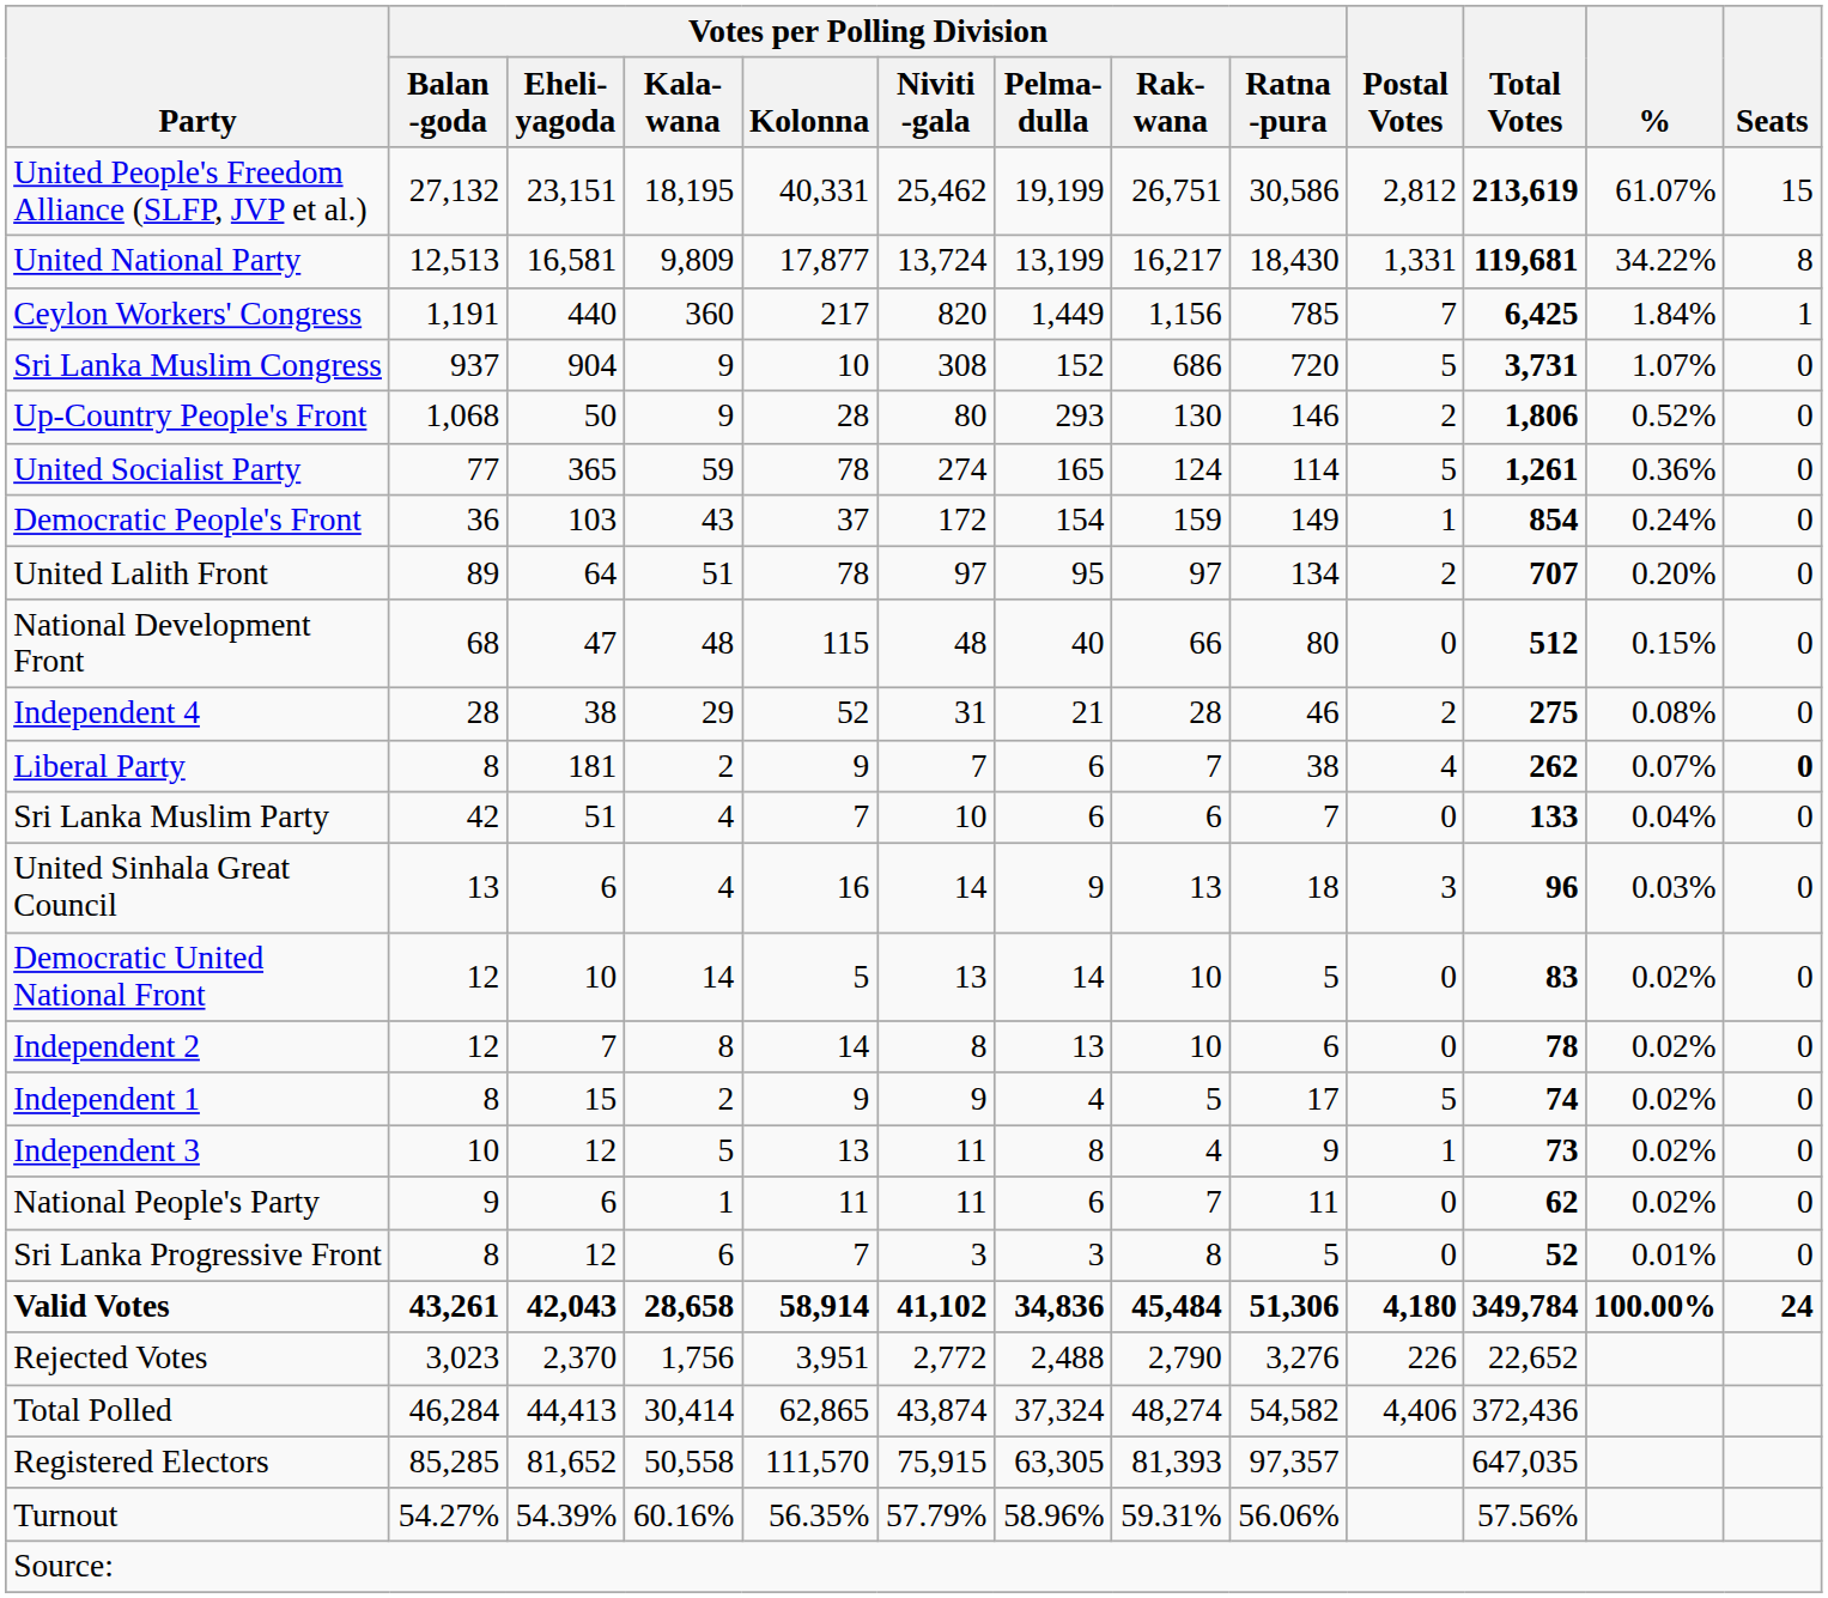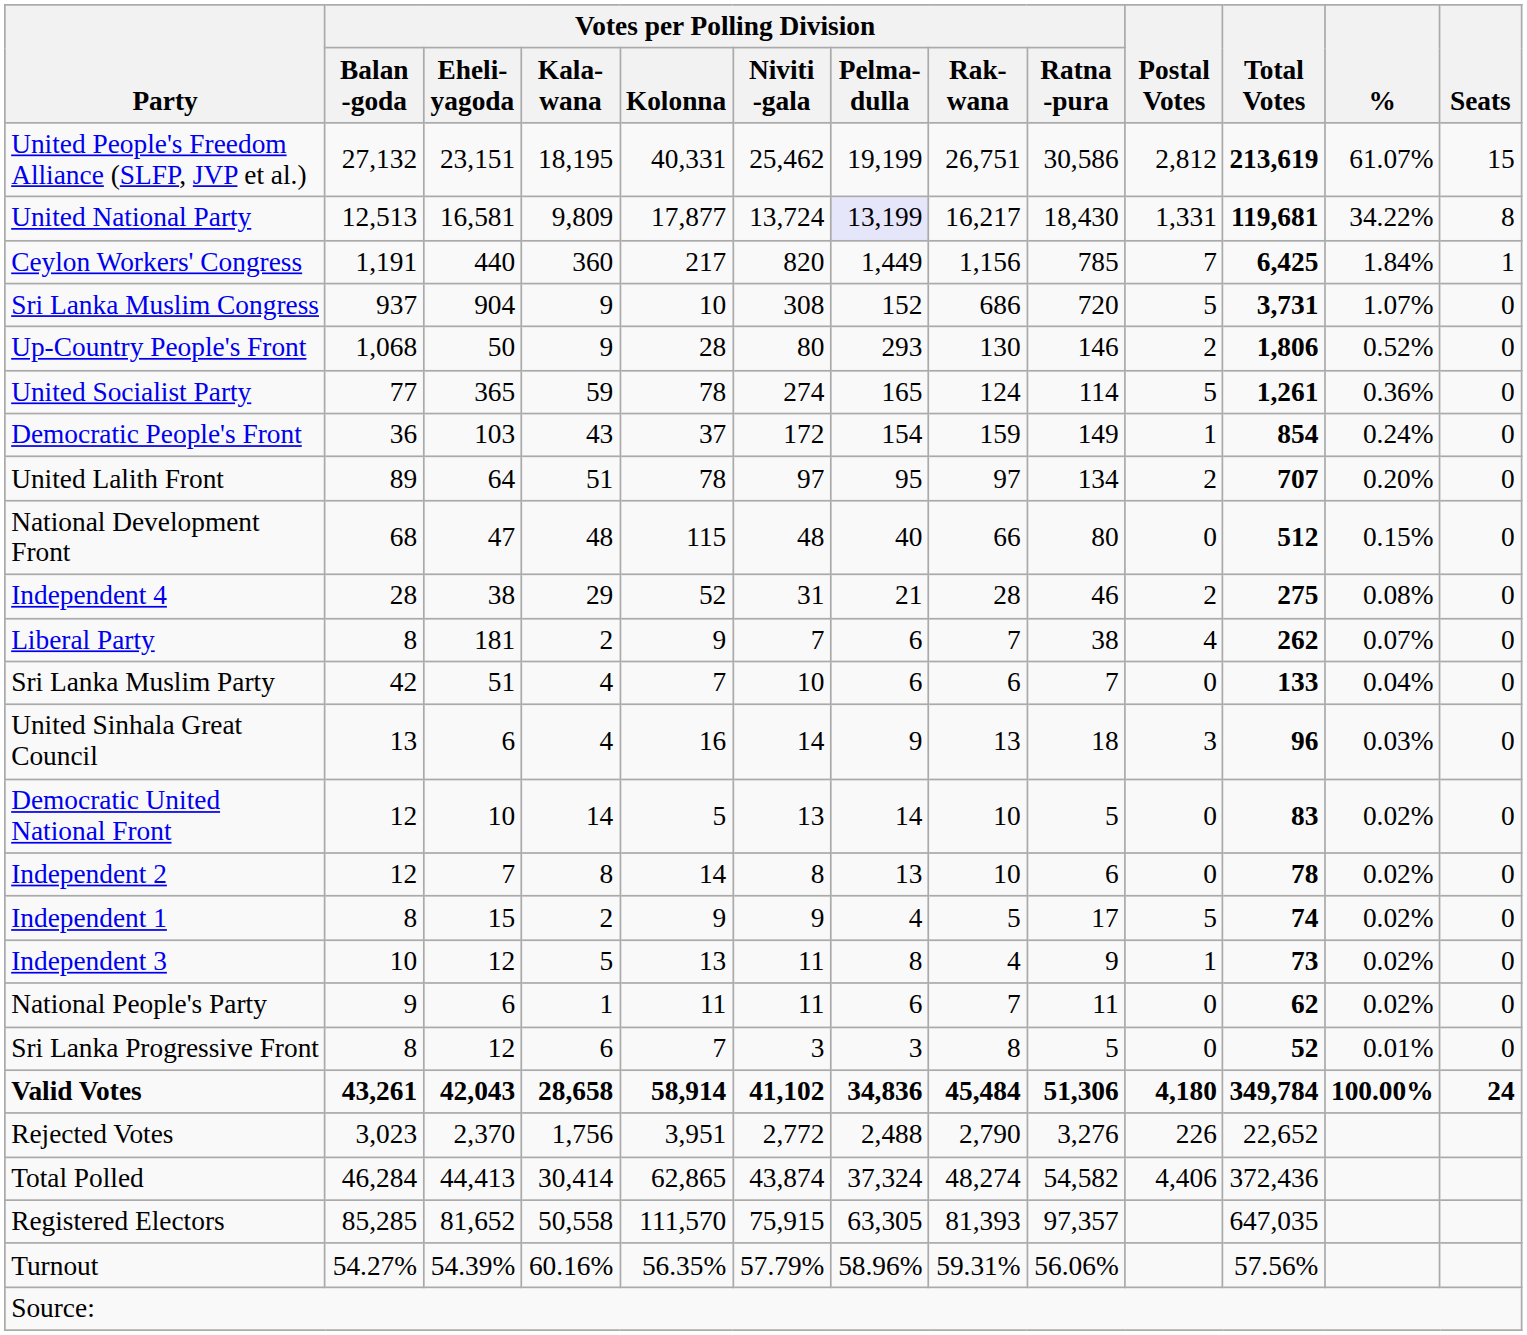 <table class="wikitable" border="1" style="text-align:right;">
 <tr>
 <th align=left valign=bottom rowspan=2 width="180">Party</th>
 <th colspan=8>Votes per Polling Division</th>
 <th align=center valign=bottom rowspan=2 width="50">Postal<br>Votes</th>
 <th align=center valign=bottom rowspan=2 width="50">Total Votes</th>
 <th align=center valign=bottom rowspan=2 width="50">%</th>
 <th align=center valign=bottom rowspan=2 width="40">Seats</th>
 </tr>
 <tr>
 <th align=center valign=bottom width="50">Balan<br>-goda</th>
 <th align=center valign=bottom width="50">Eheli-<br>yagoda</th>
 <th align=center valign=bottom width="50">Kala-<br>wana</th>
 <th align=center valign=bottom width="50">Kolonna</th>
 <th align=center valign=bottom width="50">Niviti<br>-gala</th>
 <th align=center valign=bottom width="50">Pelma-<br>dulla</th>
 <th align=center valign=bottom width="50">Rak-<br>wana</th>
 <th align=center valign=bottom width="50">Ratna<br>-pura</th>
 </tr>
 <tr>
 <td align=left><a href='#'>United People's Freedom Alliance</a> (<a href='#'>SLFP</a>, <a href='#'>JVP</a> et al.)</td>
 <td>27,132</td>
 <td>23,151</td>
 <td>18,195</td>
 <td>40,331</td>
 <td>25,462</td>
 <td>19,199</td>
 <td>26,751</td>
 <td>30,586</td>
 <td>2,812</td>
 <td><strong>213,619</strong></td>
 <td>61.07%</td>
 <td>15</td>
 </tr>
 <tr>
 <td align=left><a href='#'>United National Party</a></td>
 <td>12,513</td>
 <td>16,581</td>
 <td>9,809</td>
 <td>17,877</td>
 <td>13,724</td>
-<td>13,199</td>
+<td style="background: lavender;">13,199</td>
 <td>16,217</td>
 <td>18,430</td>
 <td>1,331</td>
 <td><strong>119,681</strong></td>
 <td>34.22%</td>
 <td>8</td>
 </tr>
 <tr>
 <td align=left><a href='#'>Ceylon Workers' Congress</a></td>
 <td>1,191</td>
 <td>440</td>
 <td>360</td>
 <td>217</td>
 <td>820</td>
 <td>1,449</td>
 <td>1,156</td>
 <td>785</td>
 <td>7</td>
 <td><strong>6,425</strong></td>
 <td>1.84%</td>
 <td>1</td>
 </tr>
 <tr>
 <td align=left><a href='#'>Sri Lanka Muslim Congress</a></td>
 <td>937</td>
 <td>904</td>
 <td>9</td>
 <td>10</td>
 <td>308</td>
 <td>152</td>
 <td>686</td>
 <td>720</td>
 <td>5</td>
 <td><strong>3,731</strong></td>
 <td>1.07%</td>
 <td>0</td>
 </tr>
 <tr>
 <td align=left><a href='#'>Up-Country People's Front</a></td>
 <td>1,068</td>
 <td>50</td>
 <td>9</td>
 <td>28</td>
 <td>80</td>
 <td>293</td>
 <td>130</td>
 <td>146</td>
 <td>2</td>
 <td><strong>1,806</strong></td>
 <td>0.52%</td>
 <td>0</td>
 </tr>
 <tr>
 <td align=left><a href='#'>United Socialist Party</a></td>
 <td>77</td>
 <td>365</td>
 <td>59</td>
 <td>78</td>
 <td>274</td>
 <td>165</td>
 <td>124</td>
 <td>114</td>
 <td>5</td>
 <td><strong>1,261</strong></td>
 <td>0.36%</td>
 <td>0</td>
 </tr>
 <tr>
 <td align=left><a href='#'>Democratic People's Front</a></td>
 <td>36</td>
 <td>103</td>
 <td>43</td>
 <td>37</td>
 <td>172</td>
 <td>154</td>
 <td>159</td>
 <td>149</td>
 <td>1</td>
 <td><strong>854</strong></td>
 <td>0.24%</td>
 <td>0</td>
 </tr>
 <tr>
 <td align=left>United Lalith Front</td>
 <td>89</td>
 <td>64</td>
 <td>51</td>
 <td>78</td>
 <td>97</td>
 <td>95</td>
 <td>97</td>
 <td>134</td>
 <td>2</td>
 <td><strong>707</strong></td>
 <td>0.20%</td>
 <td>0</td>
 </tr>
 <tr>
 <td align=left>National Development Front</td>
 <td>68</td>
 <td>47</td>
 <td>48</td>
 <td>115</td>
 <td>48</td>
 <td>40</td>
 <td>66</td>
 <td>80</td>
 <td>0</td>
 <td><strong>512</strong></td>
 <td>0.15%</td>
 <td>0</td>
 </tr>
 <tr>
 <td align=left><a href='#'>Independent 4</a></td>
 <td>28</td>
 <td>38</td>
 <td>29</td>
 <td>52</td>
 <td>31</td>
 <td>21</td>
 <td>28</td>
 <td>46</td>
 <td>2</td>
 <td><strong>275</strong></td>
 <td>0.08%</td>
 <td>0</td>
 </tr>
 <tr>
 <td align=left><a href='#'>Liberal Party</a></td>
 <td>8</td>
 <td>181</td>
 <td>2</td>
 <td>9</td>
 <td>7</td>
 <td>6</td>
 <td>7</td>
 <td>38</td>
 <td>4</td>
 <td><strong>262</strong></td>
 <td>0.07%</td>
-<td><strong>0</strong></td>
+<td>0</td>
 </tr>
 <tr>
 <td align=left>Sri Lanka Muslim Party</td>
 <td>42</td>
 <td>51</td>
 <td>4</td>
 <td>7</td>
 <td>10</td>
 <td>6</td>
 <td>6</td>
 <td>7</td>
 <td>0</td>
 <td><strong>133</strong></td>
 <td>0.04%</td>
 <td>0</td>
 </tr>
 <tr>
 <td align=left>United Sinhala Great Council</td>
 <td>13</td>
 <td>6</td>
 <td>4</td>
 <td>16</td>
 <td>14</td>
 <td>9</td>
 <td>13</td>
 <td>18</td>
 <td>3</td>
 <td><strong>96</strong></td>
 <td>0.03%</td>
 <td>0</td>
 </tr>
 <tr>
 <td align=left><a href='#'>Democratic United National Front</a></td>
 <td>12</td>
 <td>10</td>
 <td>14</td>
 <td>5</td>
 <td>13</td>
 <td>14</td>
 <td>10</td>
 <td>5</td>
 <td>0</td>
 <td><strong>83</strong></td>
 <td>0.02%</td>
 <td>0</td>
 </tr>
 <tr>
 <td align=left><a href='#'>Independent 2</a></td>
 <td>12</td>
 <td>7</td>
 <td>8</td>
 <td>14</td>
 <td>8</td>
 <td>13</td>
 <td>10</td>
 <td>6</td>
 <td>0</td>
 <td><strong>78</strong></td>
 <td>0.02%</td>
 <td>0</td>
 </tr>
 <tr>
 <td align=left><a href='#'>Independent 1</a></td>
 <td>8</td>
 <td>15</td>
 <td>2</td>
 <td>9</td>
 <td>9</td>
 <td>4</td>
 <td>5</td>
 <td>17</td>
 <td>5</td>
 <td><strong>74</strong></td>
 <td>0.02%</td>
 <td>0</td>
 </tr>
 <tr>
 <td align=left><a href='#'>Independent 3</a></td>
 <td>10</td>
 <td>12</td>
 <td>5</td>
 <td>13</td>
 <td>11</td>
 <td>8</td>
 <td>4</td>
 <td>9</td>
 <td>1</td>
 <td><strong>73</strong></td>
 <td>0.02%</td>
 <td>0</td>
 </tr>
 <tr>
 <td align=left>National People's Party</td>
 <td>9</td>
 <td>6</td>
 <td>1</td>
 <td>11</td>
 <td>11</td>
 <td>6</td>
 <td>7</td>
 <td>11</td>
 <td>0</td>
 <td><strong>62</strong></td>
 <td>0.02%</td>
 <td>0</td>
 </tr>
 <tr>
 <td align=left>Sri Lanka Progressive Front</td>
 <td>8</td>
 <td>12</td>
 <td>6</td>
 <td>7</td>
 <td>3</td>
 <td>3</td>
 <td>8</td>
 <td>5</td>
 <td>0</td>
 <td><strong>52</strong></td>
 <td>0.01%</td>
 <td>0</td>
 </tr>
 <tr>
 <td align=left><strong>Valid Votes</strong></td>
 <td><strong>43,261</strong></td>
 <td><strong>42,043</strong></td>
 <td><strong>28,658</strong></td>
 <td><strong>58,914</strong></td>
 <td><strong>41,102</strong></td>
 <td><strong>34,836</strong></td>
 <td><strong>45,484</strong></td>
 <td><strong>51,306</strong></td>
 <td><strong>4,180</strong></td>
 <td><strong>349,784</strong></td>
 <td><strong>100.00%</strong></td>
 <td><strong>24</strong></td>
 </tr>
 <tr>
 <td align=left>Rejected Votes</td>
 <td>3,023</td>
 <td>2,370</td>
 <td>1,756</td>
 <td>3,951</td>
 <td>2,772</td>
 <td>2,488</td>
 <td>2,790</td>
 <td>3,276</td>
 <td>226</td>
 <td>22,652</td>
 <td></td>
 <td></td>
 </tr>
 <tr>
 <td align=left>Total Polled</td>
 <td>46,284</td>
 <td>44,413</td>
 <td>30,414</td>
 <td>62,865</td>
 <td>43,874</td>
 <td>37,324</td>
 <td>48,274</td>
 <td>54,582</td>
 <td>4,406</td>
 <td>372,436</td>
 <td></td>
 <td></td>
 </tr>
 <tr>
 <td align=left>Registered Electors</td>
 <td>85,285</td>
 <td>81,652</td>
 <td>50,558</td>
 <td>111,570</td>
 <td>75,915</td>
 <td>63,305</td>
 <td>81,393</td>
 <td>97,357</td>
 <td></td>
 <td>647,035</td>
 <td></td>
 <td></td>
 </tr>
 <tr>
 <td align=left>Turnout</td>
 <td>54.27%</td>
 <td>54.39%</td>
 <td>60.16%</td>
 <td>56.35%</td>
 <td>57.79%</td>
 <td>58.96%</td>
 <td>59.31%</td>
 <td>56.06%</td>
 <td></td>
 <td>57.56%</td>
 <td></td>
 <td></td>
 </tr>
 <tr>
 <td align=left colspan=14>Source:</td>
 </tr>
 </table>
